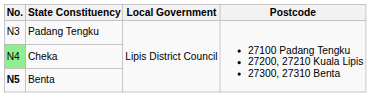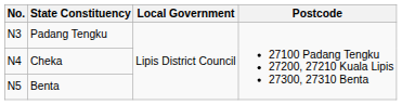 <table class="wikitable">
 <tr>
 <th>No.</th>
 <th>State Constituency</th>
 <th>Local Government</th>
 <th>Postcode</th>
 </tr>
 <tr>
 <td>N3</td>
 <td>Padang Tengku</td>
 <td rowspan="3">Lipis District Council</td>
 <td rowspan="3"><br><ul><li>27100 Padang Tengku</li><li>27200, 27210 Kuala Lipis</li><li>27300, 27310 Benta</li></ul></td>
 </tr>
 <tr>
-<td style="background: lightgreen;">N4</td>
+<td>N4</td>
 <td>Cheka</td>
 </tr>
 <tr>
-<td><strong>N5</strong></td>
+<td>N5</td>
 <td>Benta</td>
 </tr>
 </table>
